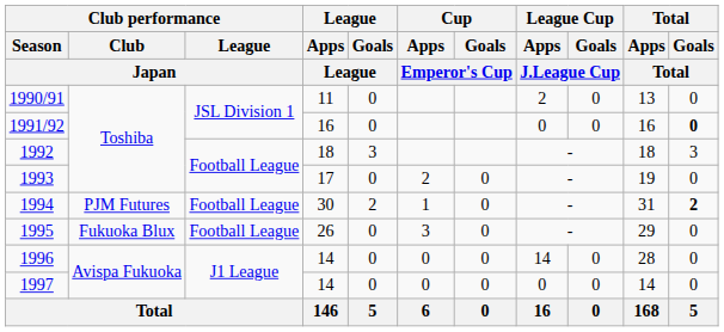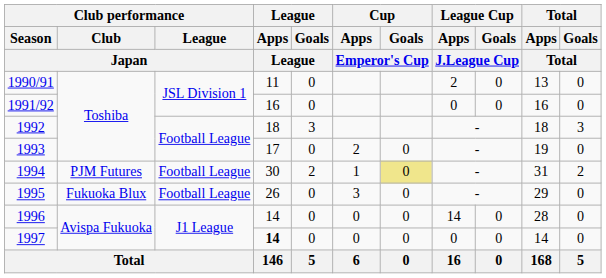 <table class="wikitable" style="text-align:center;">
 <tr>
 <th colspan=3>Club performance</th>
 <th colspan=2>League</th>
 <th colspan=2>Cup</th>
 <th colspan=2>League Cup</th>
 <th colspan=2>Total</th>
 </tr>
 <tr>
 <th>Season</th>
 <th>Club</th>
 <th>League</th>
 <th>Apps</th>
 <th>Goals</th>
 <th>Apps</th>
 <th>Goals</th>
 <th>Apps</th>
 <th>Goals</th>
 <th>Apps</th>
 <th>Goals</th>
 </tr>
 <tr>
 <th colspan=3>Japan</th>
 <th colspan=2>League</th>
 <th colspan=2><a href='#'>Emperor's Cup</a></th>
 <th colspan=2><a href='#'>J.League Cup</a></th>
 <th colspan=2>Total</th>
 </tr>
 <tr>
 <td><a href='#'>1990/91</a></td>
 <td rowspan="4"><a href='#'>Toshiba</a></td>
 <td rowspan="2"><a href='#'>JSL Division 1</a></td>
 <td>11</td>
 <td>0</td>
 <td></td>
 <td></td>
 <td>2</td>
 <td>0</td>
 <td>13</td>
 <td>0</td>
 </tr>
 <tr>
 <td><a href='#'>1991/92</a></td>
 <td>16</td>
 <td>0</td>
 <td></td>
 <td></td>
 <td>0</td>
 <td>0</td>
 <td>16</td>
-<td><strong>0</strong></td>
+<td>0</td>
 </tr>
 <tr>
 <td><a href='#'>1992</a></td>
 <td rowspan="2"><a href='#'>Football League</a></td>
 <td>18</td>
 <td>3</td>
 <td></td>
 <td></td>
 <td colspan="2">-</td>
 <td>18</td>
 <td>3</td>
 </tr>
 <tr>
 <td><a href='#'>1993</a></td>
 <td>17</td>
 <td>0</td>
 <td>2</td>
 <td>0</td>
 <td colspan="2">-</td>
 <td>19</td>
 <td>0</td>
 </tr>
 <tr>
 <td><a href='#'>1994</a></td>
 <td><a href='#'>PJM Futures</a></td>
 <td><a href='#'>Football League</a></td>
 <td>30</td>
 <td>2</td>
 <td>1</td>
-<td>0</td>
+<td style="background: khaki;">0</td>
 <td colspan="2">-</td>
 <td>31</td>
-<td><strong>2</strong></td>
+<td>2</td>
 </tr>
 <tr>
 <td><a href='#'>1995</a></td>
 <td><a href='#'>Fukuoka Blux</a></td>
 <td><a href='#'>Football League</a></td>
 <td>26</td>
 <td>0</td>
 <td>3</td>
 <td>0</td>
 <td colspan="2">-</td>
 <td>29</td>
 <td>0</td>
 </tr>
 <tr>
 <td><a href='#'>1996</a></td>
 <td rowspan="2"><a href='#'>Avispa Fukuoka</a></td>
 <td rowspan="2"><a href='#'>J1 League</a></td>
 <td>14</td>
 <td>0</td>
 <td>0</td>
 <td>0</td>
 <td>14</td>
 <td>0</td>
 <td>28</td>
 <td>0</td>
 </tr>
 <tr>
 <td><a href='#'>1997</a></td>
-<td>14</td>
+<td><strong>14</strong></td>
 <td>0</td>
 <td>0</td>
 <td>0</td>
 <td>0</td>
 <td>0</td>
 <td>14</td>
 <td>0</td>
 </tr>
 <tr>
 <th colspan=3>Total</th>
 <th>146</th>
 <th>5</th>
 <th>6</th>
 <th>0</th>
 <th>16</th>
 <th>0</th>
 <th>168</th>
 <th>5</th>
 </tr>
 </table>
